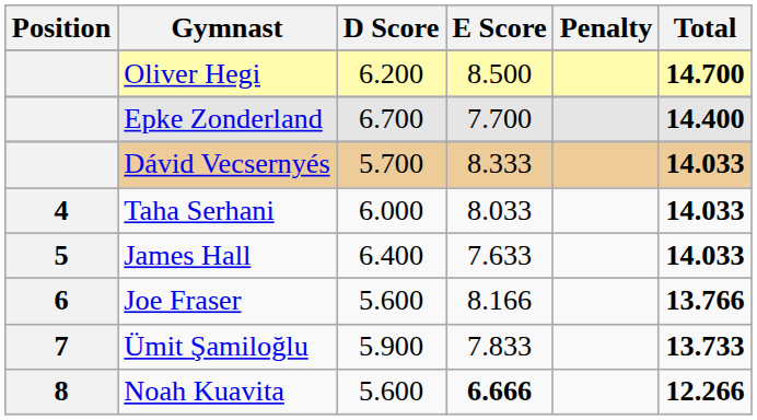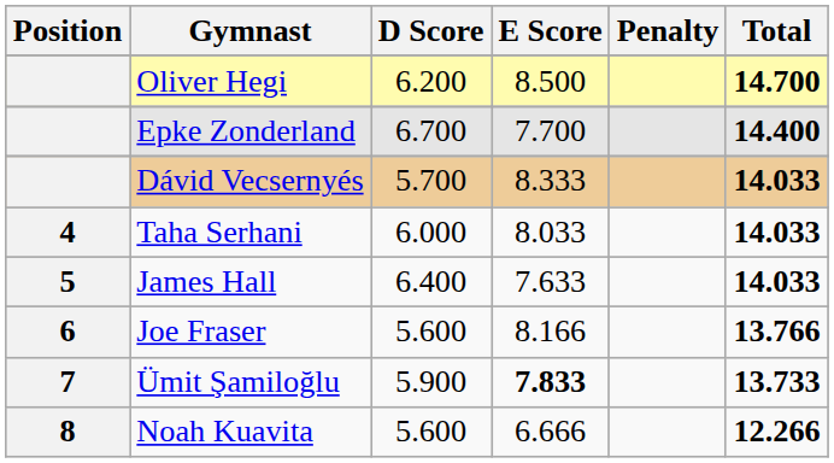 <table style="text-align:center;" class="wikitable sortable">
 <tr>
 <th>Position</th>
 <th>Gymnast</th>
 <th>D Score</th>
 <th>E Score</th>
 <th>Penalty</th>
 <th>Total</th>
 </tr>
 <tr>
 </tr>
 <tr style="background:#fffcaf;">
 <th scope="row" style="text-align:center"></th>
 <td style="text-align:left;"> <a href='#'>Oliver Hegi</a></td>
 <td>6.200</td>
 <td>8.500</td>
 <td></td>
 <td><strong>14.700</strong></td>
 </tr>
 <tr>
 </tr>
 <tr style="background:#e5e5e5;">
 <th scope="row" style="text-align:center"></th>
 <td style="text-align:left;"> <a href='#'>Epke Zonderland</a></td>
 <td>6.700</td>
 <td>7.700</td>
 <td></td>
 <td><strong>14.400</strong></td>
 </tr>
 <tr>
 </tr>
 <tr style="background:#ec9;">
 <th scope="row" style="text-align:center"></th>
 <td style="text-align:left;"> <a href='#'>Dávid Vecsernyés</a></td>
 <td>5.700</td>
 <td>8.333</td>
 <td></td>
 <td><strong>14.033</strong></td>
 </tr>
 <tr>
 <th>4</th>
 <td style="text-align:left;"> <a href='#'>Taha Serhani</a></td>
 <td>6.000</td>
 <td>8.033</td>
 <td></td>
 <td><strong>14.033</strong></td>
 </tr>
 <tr>
 <th>5</th>
 <td style="text-align:left;"> <a href='#'>James Hall</a></td>
 <td>6.400</td>
 <td>7.633</td>
 <td></td>
 <td><strong>14.033</strong></td>
 </tr>
 <tr>
 <th>6</th>
 <td style="text-align:left;"> <a href='#'>Joe Fraser</a></td>
 <td>5.600</td>
 <td>8.166</td>
 <td></td>
 <td><strong>13.766</strong></td>
 </tr>
 <tr>
 <th>7</th>
 <td style="text-align:left;"> <a href='#'>Ümit Şamiloğlu</a></td>
 <td>5.900</td>
-<td>7.833</td>
+<td><strong>7.833</strong></td>
 <td></td>
 <td><strong>13.733</strong></td>
 </tr>
 <tr>
 <th>8</th>
 <td style="text-align:left;"> <a href='#'>Noah Kuavita</a></td>
 <td>5.600</td>
-<td><strong>6.666</strong></td>
+<td>6.666</td>
 <td></td>
 <td><strong>12.266</strong></td>
 </tr>
 </table>
